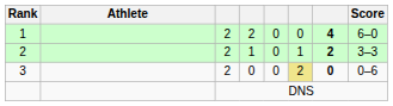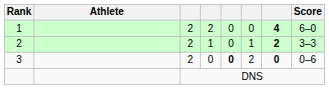 <table class="wikitable" style="text-align: center;">
 <tr>
 <th width=25>Rank</th>
 <th width=225>Athlete</th>
 <th width=25></th>
 <th width=25></th>
 <th width=25></th>
 <th width=25></th>
 <th width=40></th>
 <th width=40>Score</th>
 </tr>
 <tr bgcolor=ccffcc>
 <td>1</td>
 <td align=left></td>
 <td>2</td>
 <td>2</td>
 <td>0</td>
 <td>0</td>
 <td><strong>4</strong></td>
 <td>6–0</td>
 </tr>
 <tr bgcolor=ccffcc>
 <td>2</td>
 <td align=left></td>
 <td>2</td>
 <td>1</td>
 <td>0</td>
 <td>1</td>
 <td><strong>2</strong></td>
 <td>3–3</td>
 </tr>
 <tr>
 <td>3</td>
 <td align=left></td>
 <td>2</td>
 <td>0</td>
-<td>0</td>
-<td style="background: khaki;">2</td>
+<td><strong>0</strong></td>
+<td>2</td>
 <td><strong>0</strong></td>
 <td>0–6</td>
 </tr>
 <tr>
 <td></td>
 <td align=left></td>
 <td colspan=6>DNS</td>
 </tr>
 </table>
